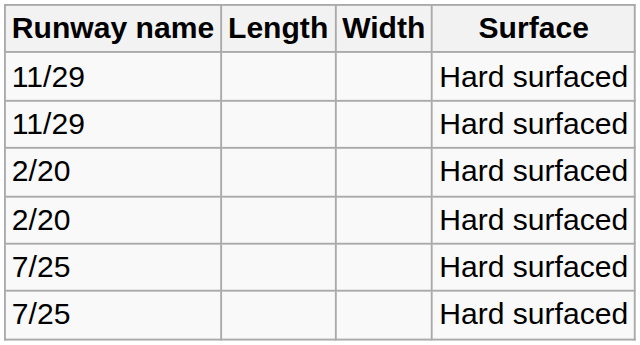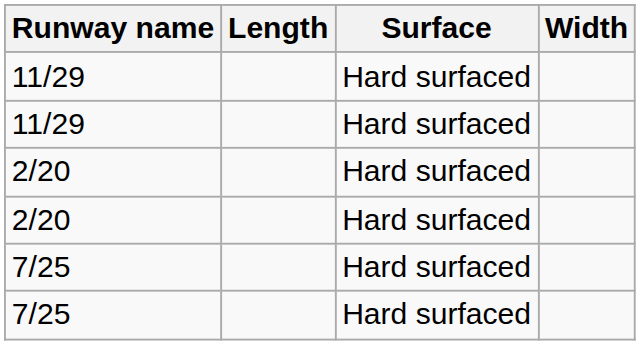 <table class="wikitable">
 <tr>
 <th>Runway name</th>
 <th>Length</th>
+<th>Surface</th>
 <th>Width</th>
-<th>Surface</th>
 </tr>
 <tr>
 <td>11/29</td>
 <td></td>
+<td>Hard surfaced</td>
 <td></td>
-<td>Hard surfaced</td>
 </tr>
 <tr>
 <td>11/29</td>
 <td></td>
+<td>Hard surfaced</td>
 <td></td>
-<td>Hard surfaced</td>
 </tr>
 <tr>
 <td>2/20</td>
 <td></td>
+<td>Hard surfaced</td>
 <td></td>
-<td>Hard surfaced</td>
 </tr>
 <tr>
 <td>2/20</td>
 <td></td>
+<td>Hard surfaced</td>
 <td></td>
-<td>Hard surfaced</td>
 </tr>
 <tr>
 <td>7/25</td>
 <td></td>
+<td>Hard surfaced</td>
 <td></td>
-<td>Hard surfaced</td>
 </tr>
 <tr>
 <td>7/25</td>
 <td></td>
+<td>Hard surfaced</td>
 <td></td>
-<td>Hard surfaced</td>
 </tr>
 </table>
